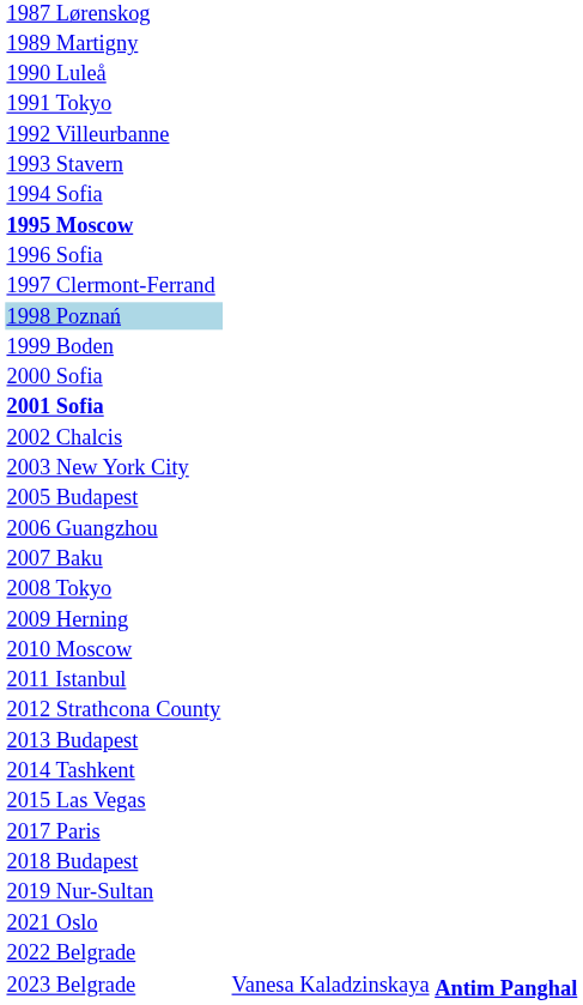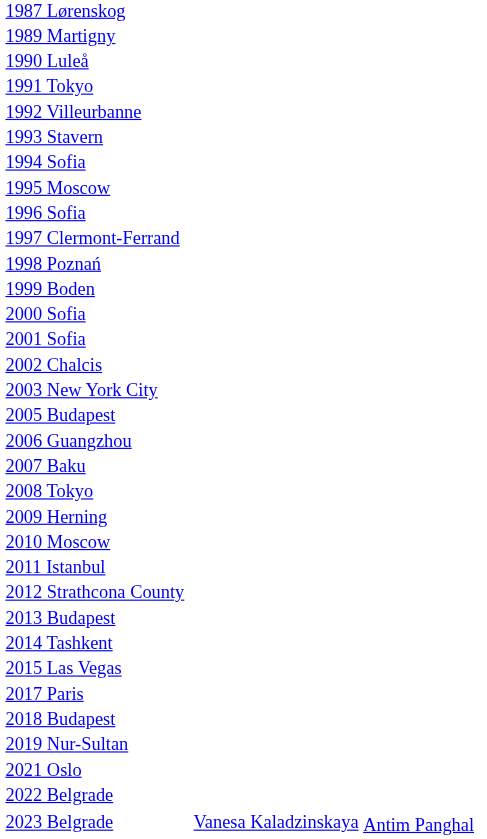 <table>
 <tr>
 <td><a href='#'>1987 Lørenskog</a></td>
 <td></td>
 <td></td>
 <td></td>
 </tr>
 <tr>
 <td><a href='#'>1989 Martigny</a></td>
 <td></td>
 <td></td>
 <td></td>
 </tr>
 <tr>
 <td><a href='#'>1990 Luleå</a></td>
 <td></td>
 <td></td>
 <td></td>
 </tr>
 <tr>
 <td><a href='#'>1991 Tokyo</a></td>
 <td></td>
 <td></td>
 <td></td>
 </tr>
 <tr>
 <td><a href='#'>1992 Villeurbanne</a></td>
 <td></td>
 <td></td>
 <td></td>
 </tr>
 <tr>
 <td><a href='#'>1993 Stavern</a></td>
 <td></td>
 <td></td>
 <td></td>
 </tr>
 <tr>
 <td><a href='#'>1994 Sofia</a></td>
 <td></td>
 <td></td>
 <td></td>
 </tr>
 <tr>
-<td><strong><a href='#'>1995 Moscow</a></strong></td>
+<td><a href='#'>1995 Moscow</a></td>
 <td></td>
 <td></td>
 <td></td>
 </tr>
 <tr>
 <td><a href='#'>1996 Sofia</a></td>
 <td></td>
 <td></td>
 <td></td>
 </tr>
 <tr>
 <td><a href='#'>1997 Clermont-Ferrand</a></td>
 <td></td>
 <td></td>
 <td></td>
 </tr>
 <tr>
-<td style="background: lightblue;"><a href='#'>1998 Poznań</a></td>
+<td><a href='#'>1998 Poznań</a></td>
 <td></td>
 <td></td>
 <td></td>
 </tr>
 <tr>
 <td><a href='#'>1999 Boden</a></td>
 <td></td>
 <td></td>
 <td></td>
 </tr>
 <tr>
 <td><a href='#'>2000 Sofia</a></td>
 <td></td>
 <td></td>
 <td></td>
 </tr>
 <tr>
-<td><strong><a href='#'>2001 Sofia</a></strong></td>
+<td><a href='#'>2001 Sofia</a></td>
 <td></td>
 <td></td>
 <td></td>
 </tr>
 <tr>
 <td><a href='#'>2002 Chalcis</a></td>
 <td></td>
 <td></td>
 <td></td>
 </tr>
 <tr>
 <td><a href='#'>2003 New York City</a></td>
 <td></td>
 <td></td>
 <td></td>
 </tr>
 <tr>
 <td rowspan=2><a href='#'>2005 Budapest</a></td>
 <td rowspan=2></td>
 <td rowspan=2></td>
 <td></td>
 </tr>
 <tr>
 <td></td>
 </tr>
 <tr>
 <td rowspan=2><a href='#'>2006 Guangzhou</a></td>
 <td rowspan=2></td>
 <td rowspan=2></td>
 <td></td>
 </tr>
 <tr>
 <td></td>
 </tr>
 <tr>
 <td rowspan=2><a href='#'>2007 Baku</a></td>
 <td rowspan=2></td>
 <td rowspan=2></td>
 <td></td>
 </tr>
 <tr>
 <td></td>
 </tr>
 <tr>
 <td rowspan=2><a href='#'>2008 Tokyo</a></td>
 <td rowspan=2></td>
 <td rowspan=2></td>
 <td></td>
 </tr>
 <tr>
 <td></td>
 </tr>
 <tr>
 <td rowspan=2><a href='#'>2009 Herning</a></td>
 <td rowspan=2></td>
 <td rowspan=2></td>
 <td></td>
 </tr>
 <tr>
 <td></td>
 </tr>
 <tr>
 <td rowspan=2><a href='#'>2010 Moscow</a></td>
 <td rowspan=2></td>
 <td rowspan=2></td>
 <td></td>
 </tr>
 <tr>
 <td></td>
 </tr>
 <tr>
 <td rowspan=2><a href='#'>2011 Istanbul</a></td>
 <td rowspan=2></td>
 <td rowspan=2></td>
 <td></td>
 </tr>
 <tr>
 <td></td>
 </tr>
 <tr>
 <td rowspan=2><a href='#'>2012 Strathcona County</a></td>
 <td rowspan=2></td>
 <td rowspan=2></td>
 <td></td>
 </tr>
 <tr>
 <td></td>
 </tr>
 <tr>
 <td rowspan=2><a href='#'>2013 Budapest</a></td>
 <td rowspan=2></td>
 <td rowspan=2></td>
 <td></td>
 </tr>
 <tr>
 <td></td>
 </tr>
 <tr>
 <td rowspan=2><a href='#'>2014 Tashkent</a></td>
 <td rowspan=2></td>
 <td rowspan=2></td>
 <td></td>
 </tr>
 <tr>
 <td></td>
 </tr>
 <tr>
 <td rowspan=2><a href='#'>2015 Las Vegas</a></td>
 <td rowspan=2></td>
 <td rowspan=2></td>
 <td></td>
 </tr>
 <tr>
 <td></td>
 </tr>
 <tr>
 <td rowspan=2><a href='#'>2017 Paris</a></td>
 <td rowspan=2></td>
 <td rowspan=2></td>
 <td></td>
 </tr>
 <tr>
 <td></td>
 </tr>
 <tr>
 <td rowspan=2><a href='#'>2018 Budapest</a></td>
 <td rowspan=2></td>
 <td rowspan=2></td>
 <td></td>
 </tr>
 <tr>
 <td></td>
 </tr>
 <tr>
 <td rowspan=2><a href='#'>2019 Nur-Sultan</a></td>
 <td rowspan=2></td>
 <td rowspan=2></td>
 <td></td>
 </tr>
 <tr>
 <td></td>
 </tr>
 <tr>
 <td rowspan=2><a href='#'>2021 Oslo</a></td>
 <td rowspan=2></td>
 <td rowspan=2></td>
 <td></td>
 </tr>
 <tr>
 <td></td>
 </tr>
 <tr>
 <td rowspan=2><a href='#'>2022 Belgrade</a></td>
 <td rowspan=2></td>
 <td rowspan=2></td>
 <td></td>
 </tr>
 <tr>
 <td></td>
 </tr>
 <tr>
 <td rowspan=2><a href='#'>2023 Belgrade</a></td>
 <td rowspan=2></td>
 <td rowspan=2> <a href='#'>Vanesa Kaladzinskaya</a> </td>
 <td></td>
 </tr>
 <tr>
-<td><strong> <a href='#'>Antim Panghal</a> </strong></td>
+<td> <a href='#'>Antim Panghal</a> </td>
 </tr>
 </table>
